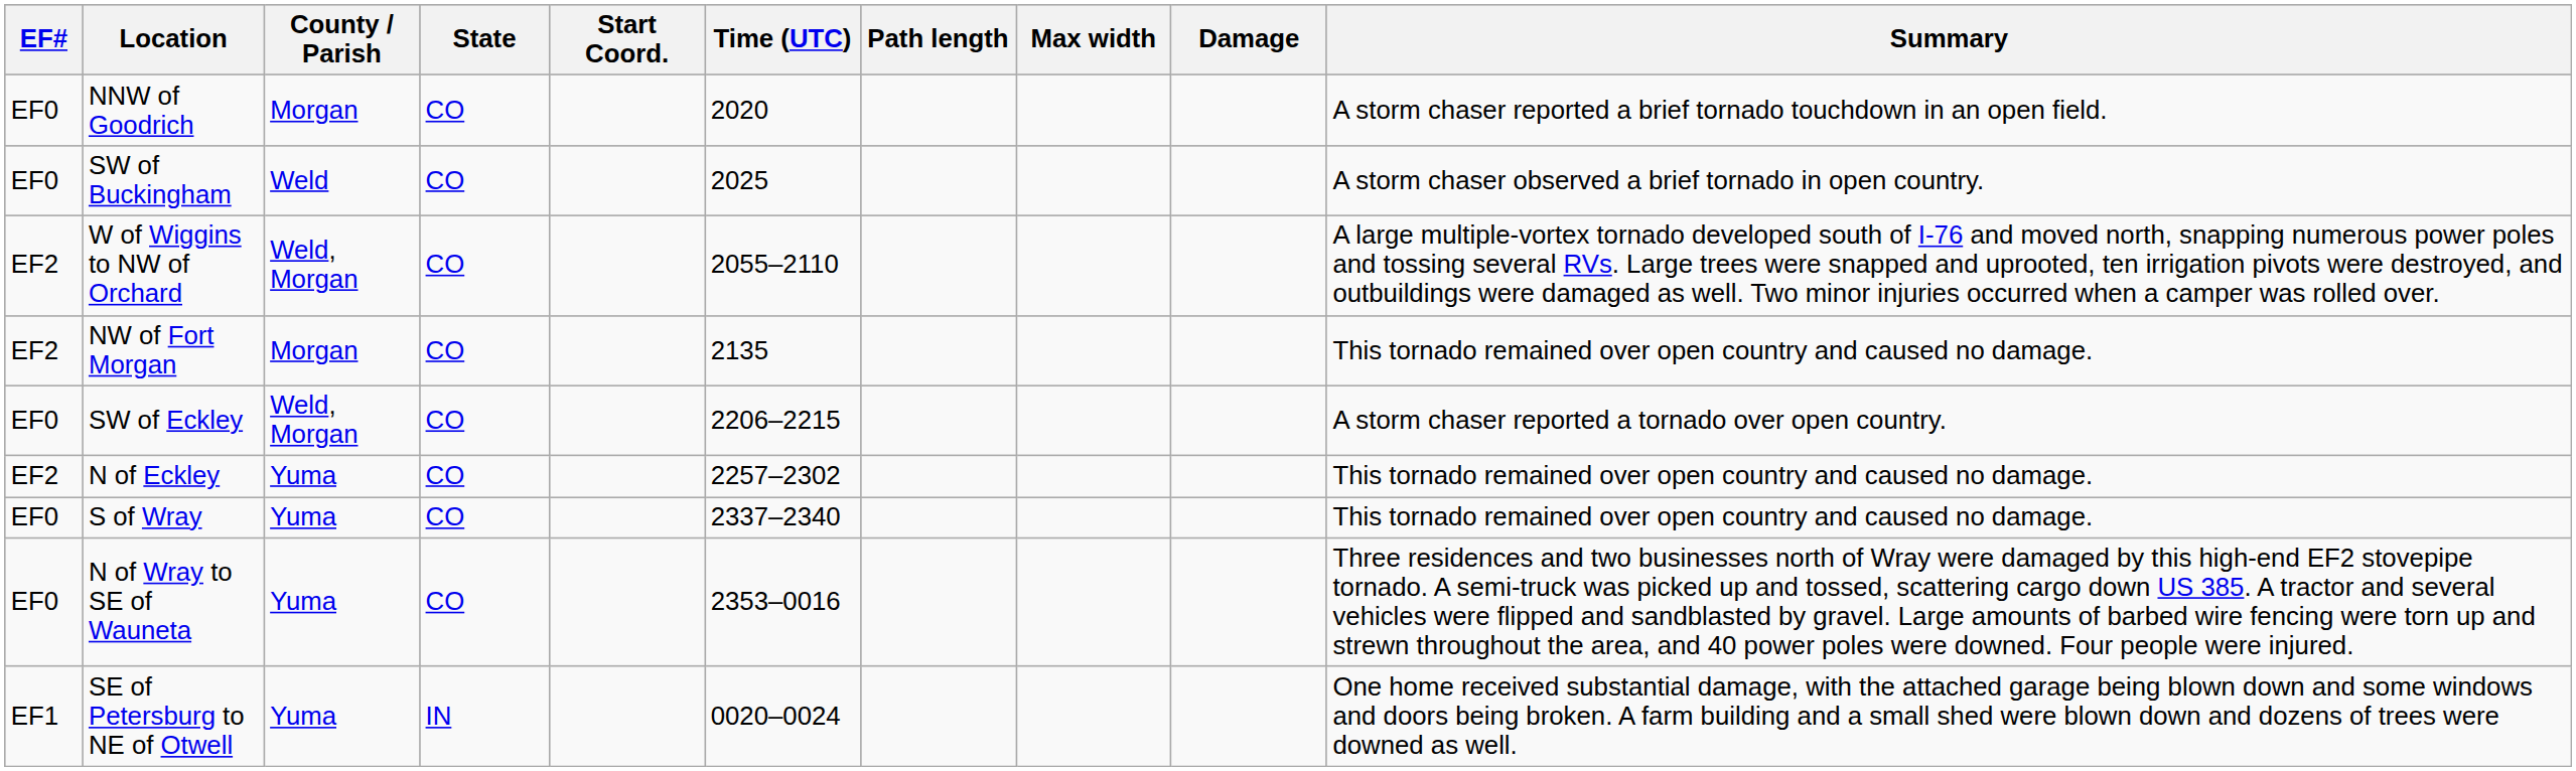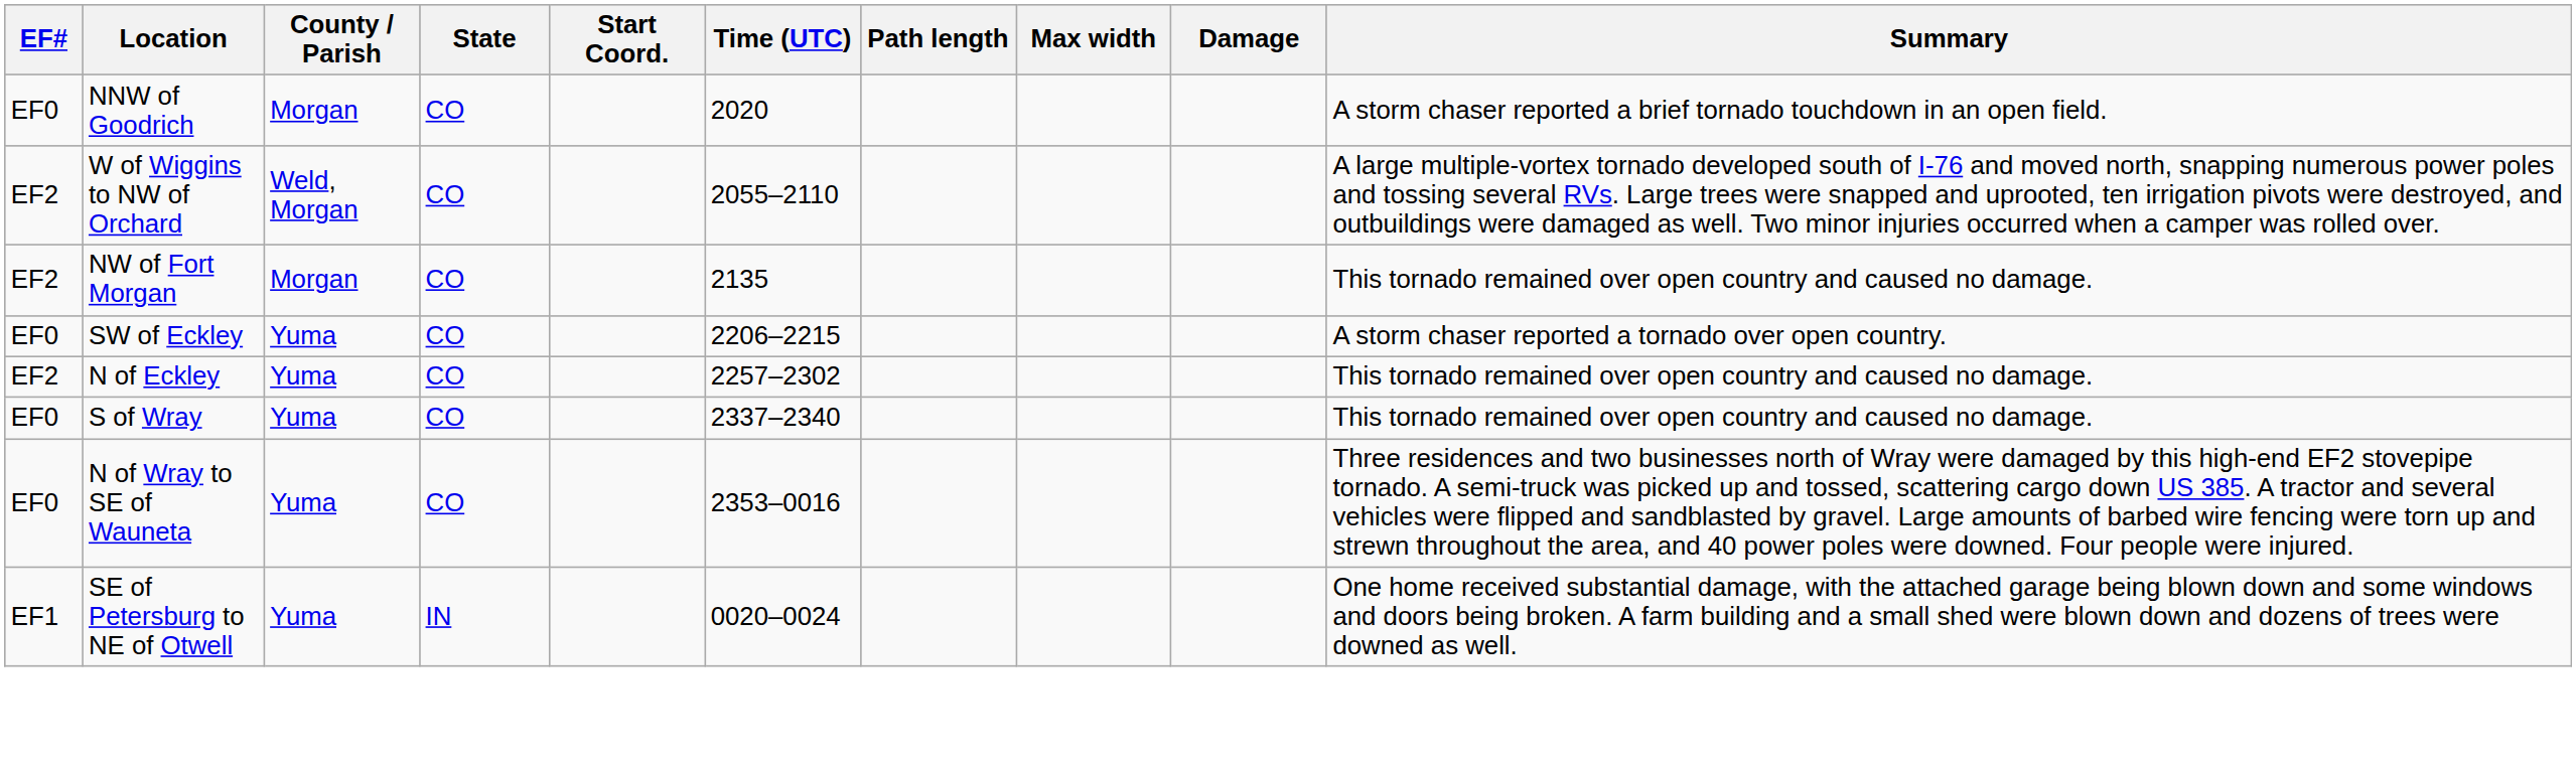 <table class="wikitable sortable" style="width:100%;">
 <tr>
 <th scope="col"  style="width:3%; text-align:center;"><a href='#'>EF#</a></th>
 <th scope="col"  style="width:7%; text-align:center;" class="unsortable">Location</th>
 <th scope="col"  style="width:6%; text-align:center;" class="unsortable">County / Parish</th>
 <th scope="col"  style="width:5%; text-align:center;">State</th>
 <th scope="col"  style="width:6%; text-align:center;">Start Coord.</th>
 <th scope="col"  style="width:6%; text-align:center;">Time (<a href='#'>UTC</a>)</th>
 <th scope="col"  style="width:6%; text-align:center;">Path length</th>
 <th scope="col"  style="width:6%; text-align:center;">Max width</th>
 <th scope="col"  style="width:6%; text-align:center;">Damage</th>
 <th scope="col" class="unsortable" style="width:48%; text-align:center;">Summary</th>
 </tr>
 <tr>
 <td>EF0</td>
 <td>NNW of <a href='#'>Goodrich</a></td>
 <td><a href='#'>Morgan</a></td>
 <td><a href='#'>CO</a></td>
 <td></td>
 <td>2020</td>
 <td></td>
 <td></td>
 <td></td>
 <td>A storm chaser reported a brief tornado touchdown in an open field.</td>
-</tr>
-<tr>
-<td>EF0</td>
-<td>SW of <a href='#'>Buckingham</a></td>
-<td><a href='#'>Weld</a></td>
-<td><a href='#'>CO</a></td>
-<td></td>
-<td>2025</td>
-<td></td>
-<td></td>
-<td></td>
-<td>A storm chaser observed a brief tornado in open country.</td>
 </tr>
 <tr>
 <td>EF2</td>
 <td>W of <a href='#'>Wiggins</a> to NW of <a href='#'>Orchard</a></td>
 <td><a href='#'>Weld</a>, <a href='#'>Morgan</a></td>
 <td><a href='#'>CO</a></td>
 <td></td>
 <td>2055–2110</td>
 <td></td>
 <td></td>
 <td></td>
 <td>A large multiple-vortex tornado developed south of <a href='#'>I-76</a> and moved north, snapping numerous power poles and tossing several <a href='#'>RVs</a>. Large trees were snapped and uprooted, ten irrigation pivots were destroyed, and outbuildings were damaged as well. Two minor injuries occurred when a camper was rolled over.</td>
 </tr>
 <tr>
 <td>EF2</td>
 <td>NW of <a href='#'>Fort Morgan</a></td>
 <td><a href='#'>Morgan</a></td>
 <td><a href='#'>CO</a></td>
 <td></td>
 <td>2135</td>
 <td></td>
 <td></td>
 <td></td>
 <td>This tornado remained over open country and caused no damage.</td>
 </tr>
 <tr>
 <td>EF0</td>
 <td>SW of <a href='#'>Eckley</a></td>
-<td><a href='#'>Weld</a>, <a href='#'>Morgan</a></td>
+<td><a href='#'>Yuma</a></td>
 <td><a href='#'>CO</a></td>
 <td></td>
 <td>2206–2215</td>
 <td></td>
 <td></td>
 <td></td>
 <td>A storm chaser reported a tornado over open country.</td>
 </tr>
 <tr>
 <td>EF2</td>
 <td>N of <a href='#'>Eckley</a></td>
 <td><a href='#'>Yuma</a></td>
 <td><a href='#'>CO</a></td>
 <td></td>
 <td>2257–2302</td>
 <td></td>
 <td></td>
 <td></td>
 <td>This tornado remained over open country and caused no damage.</td>
 </tr>
 <tr>
 <td>EF0</td>
 <td>S of <a href='#'>Wray</a></td>
 <td><a href='#'>Yuma</a></td>
 <td><a href='#'>CO</a></td>
 <td></td>
 <td>2337–2340</td>
 <td></td>
 <td></td>
 <td></td>
 <td>This tornado remained over open country and caused no damage.</td>
 </tr>
 <tr>
 <td>EF0</td>
 <td>N of <a href='#'>Wray</a> to SE of <a href='#'>Wauneta</a></td>
 <td><a href='#'>Yuma</a></td>
 <td><a href='#'>CO</a></td>
 <td></td>
 <td>2353–0016</td>
 <td></td>
 <td></td>
 <td></td>
 <td>Three residences and two businesses north of Wray were damaged by this high-end EF2 stovepipe tornado. A semi-truck was picked up and tossed, scattering cargo down <a href='#'>US 385</a>. A tractor and several vehicles were flipped and sandblasted by gravel. Large amounts of barbed wire fencing were torn up and strewn throughout the area, and 40 power poles were downed. Four people were injured.</td>
 </tr>
 <tr>
 <td>EF1</td>
 <td>SE of <a href='#'>Petersburg</a> to NE of <a href='#'>Otwell</a></td>
 <td><a href='#'>Yuma</a></td>
 <td><a href='#'>IN</a></td>
 <td></td>
 <td>0020–0024</td>
 <td></td>
 <td></td>
 <td></td>
 <td>One home received substantial damage, with the attached garage being blown down and some windows and doors being broken. A farm building and a small shed were blown down and dozens of trees were downed as well.</td>
 </tr>
 </table>
